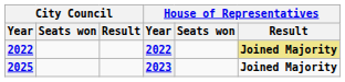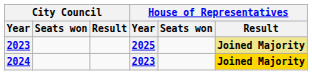 <table class="wikitable" style="text-align:center; font-size:90%">
 <tr>
 <th colspan="3">City Council</th>
 <th colspan="3"><a href='#'>House of Representatives</a></th>
 </tr>
 <tr>
 <th>Year</th>
 <th>Seats won</th>
 <th>Result</th>
 <th>Year</th>
 <th>Seats won</th>
 <th>Result</th>
 </tr>
 <tr>
-<th><a href='#'>2022</a></th>
+<th><a href='#'>2023</a></th>
 <td></td>
 <td></td>
-<th><a href='#'>2022</a></th>
+<th><a href='#'>2025</a></th>
 <td></td>
 <td style="background: khaki;"><strong>Joined Majority</strong></td>
 </tr>
 <tr>
-<th><a href='#'>2025</a></th>
+<th><a href='#'>2024</a></th>
 <td></td>
 <td></td>
 <th><a href='#'>2023</a></th>
 <td></td>
-<td><strong>Joined Majority</strong></td>
+<td style="background: gold;"><strong>Joined Majority</strong></td>
 </tr>
 </table>
